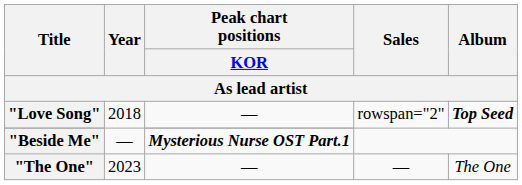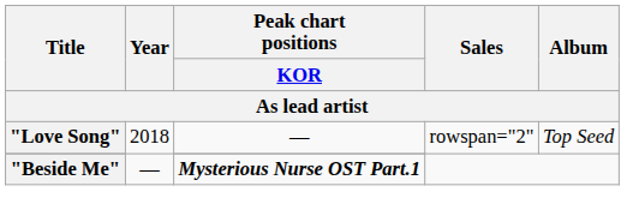 <table class="wikitable plainrowheaders" style="text-align:center;">
 <tr>
 <th rowspan="2">Title</th>
 <th rowspan="2">Year</th>
 <th>Peak chart<br>positions</th>
 <th rowspan="2">Sales</th>
 <th rowspan="2">Album</th>
 </tr>
 <tr>
 <th><a href='#'>KOR</a></th>
 </tr>
 <tr>
 <th colspan="5">As lead artist</th>
 </tr>
 <tr>
 <th scope="row">"Love Song"</th>
 <td rowspan="2">2018</td>
 <td>—</td>
 <td>rowspan="2" </td>
-<td><strong><em>Top Seed</em></strong></td>
+<td><em>Top Seed</em></td>
 </tr>
 <tr>
 </tr>
 <tr>
 <th scope="row">"Beside Me"</th>
 <td>—</td>
 <td><strong><em>Mysterious Nurse OST Part.1</em></strong></td>
 </tr>
-<tr>
-<th scope="row">"The One"</th>
-<td>2023</td>
-<td>—</td>
-<td>—</td>
-<td><em>The One</em></td>
-</tr>
 </table>
